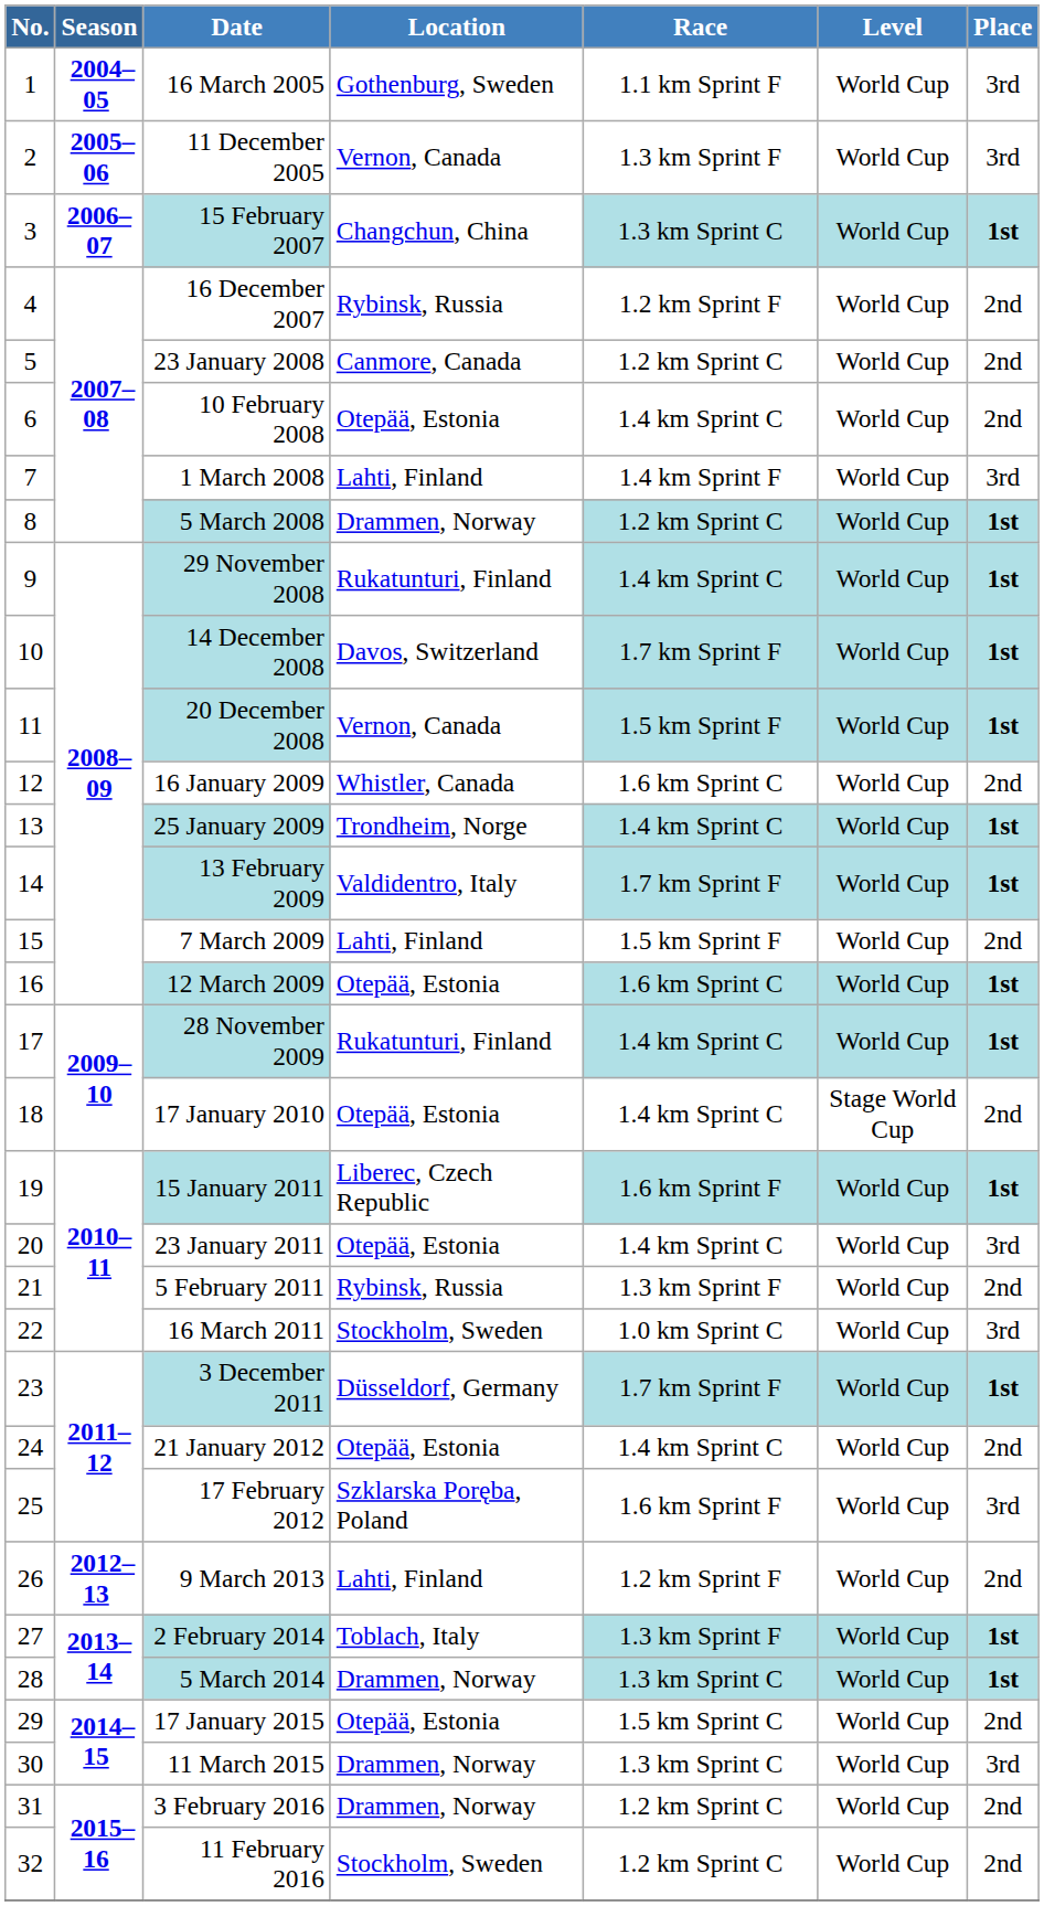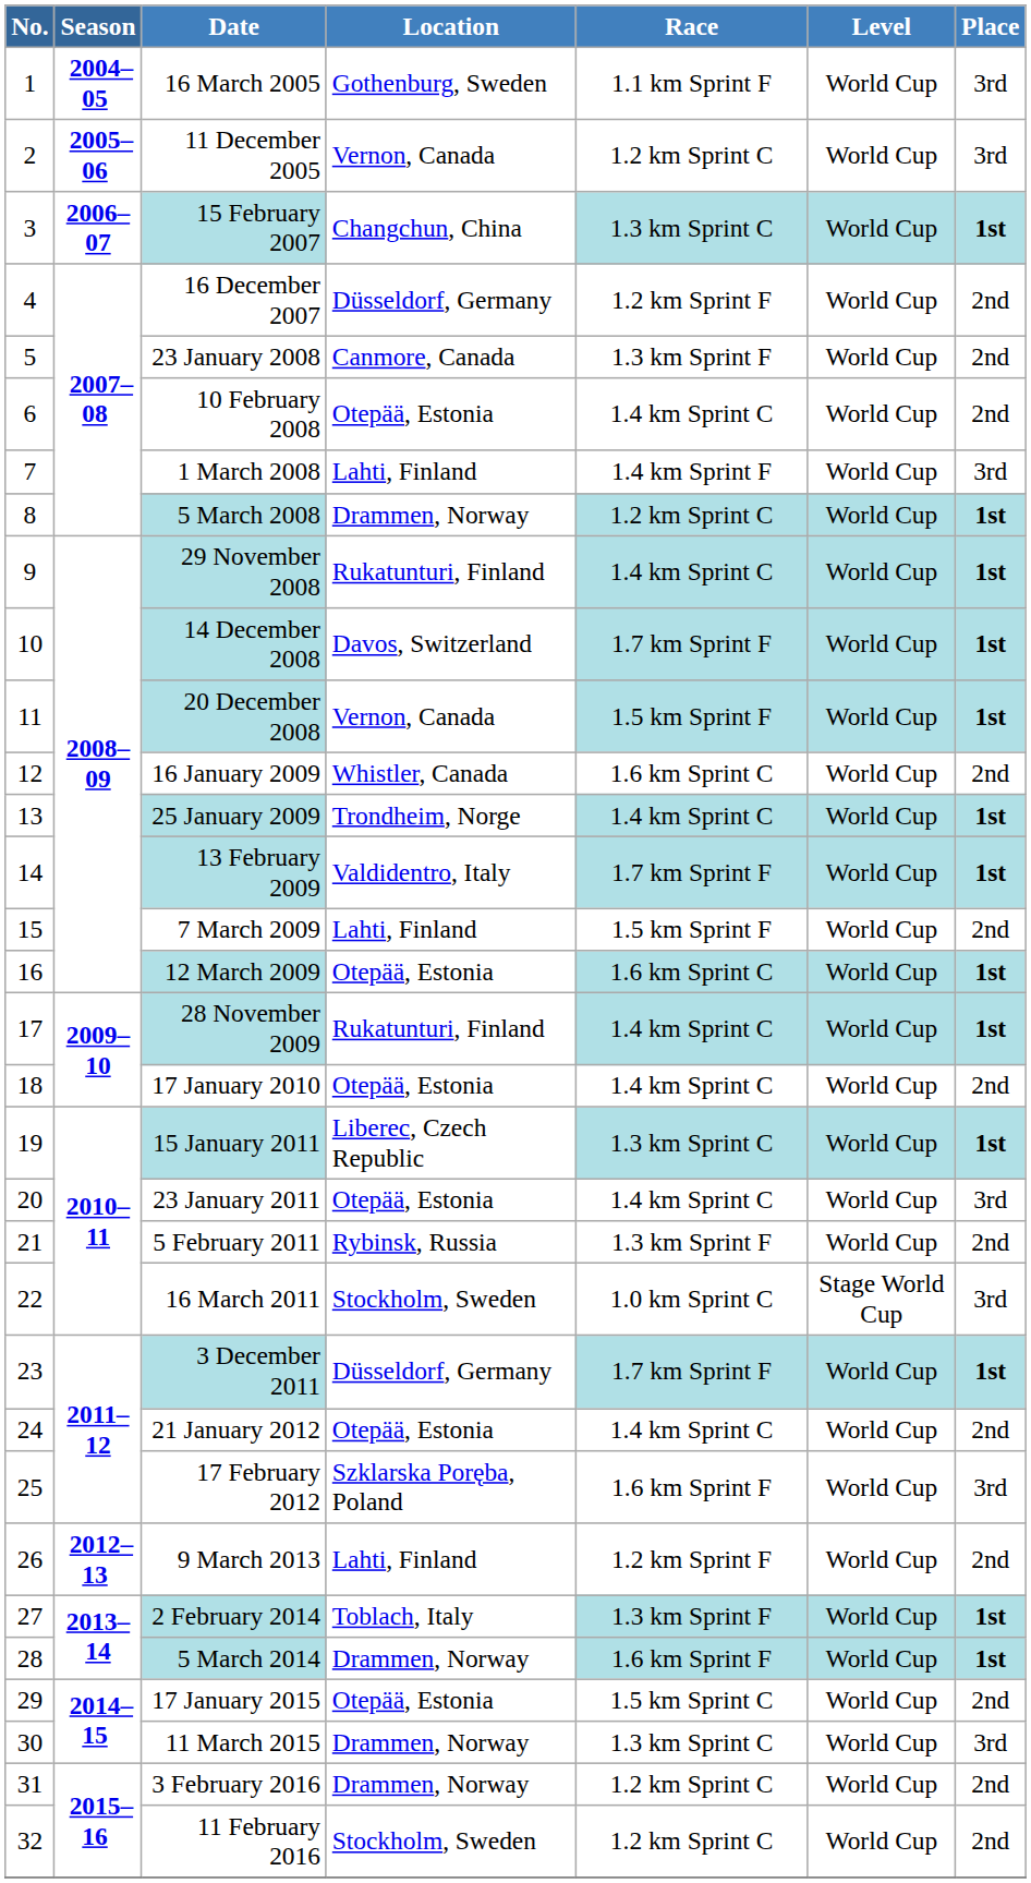 <table class="wikitable sortable" style="font-size:95%; text-align:center; border:grey solid 1px; border-collapse:collapse; background:#ffffff;">
 <tr style="background:#efefef;">
 <th style="background-color:#369; color:white;">No.</th>
 <th style="background-color:#369; color:white;">Season</th>
 <th style="background-color:#4180be; color:white; width:120px;">Date</th>
 <th style="background-color:#4180be; color:white; width:170px;">Location</th>
 <th style="background-color:#4180be; color:white; width:170px;">Race</th>
 <th style="background-color:#4180be; color:white; width:100px;">Level</th>
 <th style="background-color:#4180be; color:white;">Place</th>
 </tr>
 <tr>
 <td align=center>1</td>
 <td rowspan=1 align=center><strong> <a href='#'>2004–05</a> </strong></td>
 <td align=right>16 March 2005</td>
 <td align=left> <a href='#'>Gothenburg</a>, Sweden</td>
 <td>1.1 km Sprint F</td>
 <td>World Cup</td>
 <td>3rd</td>
 </tr>
 <tr>
 <td align=center>2</td>
 <td rowspan=1 align=center><strong> <a href='#'>2005–06</a> </strong></td>
 <td align=right>11 December 2005</td>
 <td align=left> <a href='#'>Vernon</a>, Canada</td>
-<td>1.3 km Sprint F</td>
+<td>1.2 km Sprint C</td>
 <td>World Cup</td>
 <td>3rd</td>
 </tr>
 <tr>
 <td align=center>3</td>
 <td rowspan=1 align=center><strong><a href='#'>2006–07</a></strong></td>
 <td bgcolor="#BOEOE6" align=right>15 February 2007</td>
 <td align=left> <a href='#'>Changchun</a>, China</td>
 <td bgcolor="#BOEOE6">1.3 km Sprint C</td>
 <td bgcolor="#BOEOE6">World Cup</td>
 <td bgcolor="#BOEOE6"><strong>1st</strong></td>
 </tr>
 <tr>
 <td align=center>4</td>
 <td rowspan=5 align=center><strong> <a href='#'>2007–08</a> </strong></td>
 <td align=right>16 December 2007</td>
-<td align=left> <a href='#'>Rybinsk</a>, Russia</td>
+<td align=left> <a href='#'>Düsseldorf</a>, Germany</td>
 <td>1.2 km Sprint F</td>
 <td>World Cup</td>
 <td>2nd</td>
 </tr>
 <tr>
 <td align=center>5</td>
 <td align=right>23 January 2008</td>
 <td align=left> <a href='#'>Canmore</a>, Canada</td>
-<td>1.2 km Sprint C</td>
+<td>1.3 km Sprint F</td>
 <td>World Cup</td>
 <td>2nd</td>
 </tr>
 <tr>
 <td align=center>6</td>
 <td align=right>10 February 2008</td>
 <td align=left> <a href='#'>Otepää</a>, Estonia</td>
 <td>1.4 km Sprint C</td>
 <td>World Cup</td>
 <td>2nd</td>
 </tr>
 <tr>
 <td align=center>7</td>
 <td align=right>1 March 2008</td>
 <td align=left> <a href='#'>Lahti</a>, Finland</td>
 <td>1.4 km Sprint F</td>
 <td>World Cup</td>
 <td>3rd</td>
 </tr>
 <tr>
 <td align=center>8</td>
 <td bgcolor="#BOEOE6" align=right>5 March 2008</td>
 <td align=left> <a href='#'>Drammen</a>, Norway</td>
 <td bgcolor="#BOEOE6">1.2 km Sprint C</td>
 <td bgcolor="#BOEOE6">World Cup</td>
 <td bgcolor="#BOEOE6"><strong>1st</strong></td>
 </tr>
 <tr>
 <td align=center>9</td>
 <td rowspan=8 align=center><strong><a href='#'>2008–09</a></strong></td>
 <td bgcolor="#BOEOE6" align=right>29 November 2008</td>
 <td align=left> <a href='#'>Rukatunturi</a>, Finland</td>
 <td bgcolor="#BOEOE6">1.4 km Sprint C</td>
 <td bgcolor="#BOEOE6">World Cup</td>
 <td bgcolor="#BOEOE6"><strong>1st</strong></td>
 </tr>
 <tr>
 <td align=center>10</td>
 <td bgcolor="#BOEOE6" align=right>14 December 2008</td>
 <td align=left> <a href='#'>Davos</a>, Switzerland</td>
 <td bgcolor="#BOEOE6">1.7 km Sprint F</td>
 <td bgcolor="#BOEOE6">World Cup</td>
 <td bgcolor="#BOEOE6"><strong>1st</strong></td>
 </tr>
 <tr>
 <td align=center>11</td>
 <td bgcolor="#BOEOE6" align=right>20 December 2008</td>
 <td align=left> <a href='#'>Vernon</a>, Canada</td>
 <td bgcolor="#BOEOE6">1.5 km Sprint F</td>
 <td bgcolor="#BOEOE6">World Cup</td>
 <td bgcolor="#BOEOE6"><strong>1st</strong></td>
 </tr>
 <tr>
 <td align=center>12</td>
 <td align=right>16 January 2009</td>
 <td align=left> <a href='#'>Whistler</a>, Canada</td>
 <td>1.6 km Sprint C</td>
 <td>World Cup</td>
 <td>2nd</td>
 </tr>
 <tr>
 <td align=center>13</td>
 <td bgcolor="#BOEOE6" align=right>25 January 2009</td>
 <td align=left> <a href='#'>Trondheim</a>, Norge</td>
 <td bgcolor="#BOEOE6">1.4 km Sprint C</td>
 <td bgcolor="#BOEOE6">World Cup</td>
 <td bgcolor="#BOEOE6"><strong>1st</strong></td>
 </tr>
 <tr>
 <td align=center>14</td>
 <td bgcolor="#BOEOE6" align=right>13 February 2009</td>
 <td align=left> <a href='#'>Valdidentro</a>, Italy</td>
 <td bgcolor="#BOEOE6">1.7 km Sprint F</td>
 <td bgcolor="#BOEOE6">World Cup</td>
 <td bgcolor="#BOEOE6"><strong>1st</strong></td>
 </tr>
 <tr>
 <td align=center>15</td>
 <td align=right>7 March 2009</td>
 <td align=left> <a href='#'>Lahti</a>, Finland</td>
 <td>1.5 km Sprint F</td>
 <td>World Cup</td>
 <td>2nd</td>
 </tr>
 <tr>
 <td align=center>16</td>
 <td bgcolor="#BOEOE6" align=right>12 March 2009</td>
 <td align=left> <a href='#'>Otepää</a>, Estonia</td>
 <td bgcolor="#BOEOE6">1.6 km Sprint C</td>
 <td bgcolor="#BOEOE6">World Cup</td>
 <td bgcolor="#BOEOE6"><strong>1st</strong></td>
 </tr>
 <tr>
 <td align=center>17</td>
 <td rowspan=2 align=center><strong><a href='#'>2009–10</a></strong></td>
 <td bgcolor="#BOEOE6" align=right>28 November 2009</td>
 <td align=left> <a href='#'>Rukatunturi</a>, Finland</td>
 <td bgcolor="#BOEOE6">1.4 km Sprint C</td>
 <td bgcolor="#BOEOE6">World Cup</td>
 <td bgcolor="#BOEOE6"><strong>1st</strong></td>
 </tr>
 <tr>
 <td align=center>18</td>
 <td align=right>17 January 2010</td>
 <td align=left> <a href='#'>Otepää</a>, Estonia</td>
 <td>1.4 km Sprint C</td>
-<td>Stage World Cup</td>
+<td>World Cup</td>
 <td>2nd</td>
 </tr>
 <tr>
 <td align=center>19</td>
 <td rowspan=4 align=center><strong><a href='#'>2010–11</a></strong></td>
 <td bgcolor="#BOEOE6" align=right>15 January 2011</td>
 <td align=left> <a href='#'>Liberec</a>, Czech Republic</td>
-<td bgcolor="#BOEOE6">1.6 km Sprint F</td>
+<td bgcolor="#BOEOE6">1.3 km Sprint C</td>
 <td bgcolor="#BOEOE6">World Cup</td>
 <td bgcolor="#BOEOE6"><strong>1st</strong></td>
 </tr>
 <tr>
 <td align=center>20</td>
 <td align=right>23 January 2011</td>
 <td align=left> <a href='#'>Otepää</a>, Estonia</td>
 <td>1.4 km Sprint C</td>
 <td>World Cup</td>
 <td>3rd</td>
 </tr>
 <tr>
 <td align=center>21</td>
 <td align=right>5 February 2011</td>
 <td align=left> <a href='#'>Rybinsk</a>, Russia</td>
 <td>1.3 km Sprint F</td>
 <td>World Cup</td>
 <td>2nd</td>
 </tr>
 <tr>
 <td align=center>22</td>
 <td align=right>16 March 2011</td>
 <td align=left> <a href='#'>Stockholm</a>, Sweden</td>
 <td>1.0 km Sprint C</td>
-<td>World Cup</td>
+<td>Stage World Cup</td>
 <td>3rd</td>
 </tr>
 <tr>
 <td align=center>23</td>
 <td rowspan=3 align=center><strong><a href='#'>2011–12</a></strong></td>
 <td bgcolor="#BOEOE6" align=right>3 December 2011</td>
 <td align=left> <a href='#'>Düsseldorf</a>, Germany</td>
 <td bgcolor="#BOEOE6">1.7 km Sprint F</td>
 <td bgcolor="#BOEOE6">World Cup</td>
 <td bgcolor="#BOEOE6"><strong>1st</strong></td>
 </tr>
 <tr>
 <td align=center>24</td>
 <td align=right>21 January 2012</td>
 <td align=left> <a href='#'>Otepää</a>, Estonia</td>
 <td>1.4 km Sprint C</td>
 <td>World Cup</td>
 <td>2nd</td>
 </tr>
 <tr>
 <td align=center>25</td>
 <td align=right>17 February 2012</td>
 <td align=left> <a href='#'>Szklarska Poręba</a>, Poland</td>
 <td>1.6 km Sprint F</td>
 <td>World Cup</td>
 <td>3rd</td>
 </tr>
 <tr>
 <td align=center>26</td>
 <td rowspan=1 align=center><strong> <a href='#'>2012–13</a> </strong></td>
 <td align=right>9 March 2013</td>
 <td align=left> <a href='#'>Lahti</a>, Finland</td>
 <td>1.2 km Sprint F</td>
 <td>World Cup</td>
 <td>2nd</td>
 </tr>
 <tr>
 <td align=center>27</td>
 <td rowspan=2 align=center><strong><a href='#'>2013–14</a></strong></td>
 <td bgcolor="#BOEOE6" align=right>2 February 2014</td>
 <td align=left> <a href='#'>Toblach</a>, Italy</td>
 <td bgcolor="#BOEOE6">1.3 km Sprint F</td>
 <td bgcolor="#BOEOE6">World Cup</td>
 <td bgcolor="#BOEOE6"><strong>1st</strong></td>
 </tr>
 <tr>
 <td align=center>28</td>
 <td bgcolor="#BOEOE6" align=right>5 March 2014</td>
 <td align=left> <a href='#'>Drammen</a>, Norway</td>
-<td bgcolor="#BOEOE6">1.3 km Sprint C</td>
+<td bgcolor="#BOEOE6">1.6 km Sprint F</td>
 <td bgcolor="#BOEOE6">World Cup</td>
 <td bgcolor="#BOEOE6"><strong>1st</strong></td>
 </tr>
 <tr>
 <td align=center>29</td>
 <td rowspan=2 align=center><strong> <a href='#'>2014–15</a> </strong></td>
 <td align=right>17 January 2015</td>
 <td align=left> <a href='#'>Otepää</a>, Estonia</td>
 <td>1.5 km Sprint C</td>
 <td>World Cup</td>
 <td>2nd</td>
 </tr>
 <tr>
 <td align=center>30</td>
 <td align=right>11 March 2015</td>
 <td align=left> <a href='#'>Drammen</a>, Norway</td>
 <td>1.3 km Sprint C</td>
 <td>World Cup</td>
 <td>3rd</td>
 </tr>
 <tr>
 <td align=center>31</td>
 <td rowspan=2 align=center><strong> <a href='#'>2015–16</a> </strong></td>
 <td align=right>3 February 2016</td>
 <td align=left> <a href='#'>Drammen</a>, Norway</td>
 <td>1.2 km Sprint C</td>
 <td>World Cup</td>
 <td>2nd</td>
 </tr>
 <tr>
 <td align=center>32</td>
 <td align=right>11 February 2016</td>
 <td align=left> <a href='#'>Stockholm</a>, Sweden</td>
 <td>1.2 km Sprint C</td>
 <td>World Cup</td>
 <td>2nd</td>
 </tr>
 <tr>
 </tr>
 </table>
